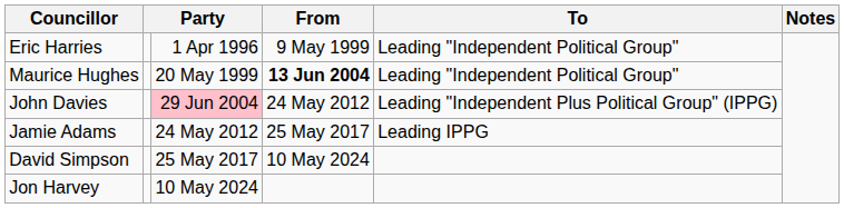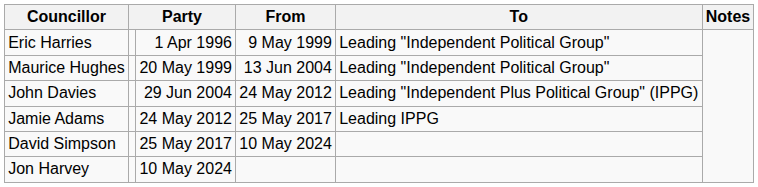 <table class=wikitable>
 <tr>
 <th>Councillor</th>
 <th colspan=2>Party</th>
 <th>From</th>
 <th>To</th>
 <th>Notes</th>
 </tr>
 <tr>
 <td>Eric Harries</td>
 <td></td>
 <td align=right>1 Apr 1996</td>
 <td align=right>9 May 1999</td>
 <td>Leading "Independent Political Group"</td>
 </tr>
 <tr>
 <td>Maurice Hughes</td>
 <td></td>
 <td align=right>20 May 1999</td>
-<td align=right><strong>13 Jun 2004</strong></td>
+<td align=right>13 Jun 2004</td>
 <td>Leading "Independent Political Group"</td>
 </tr>
 <tr>
 <td>John Davies</td>
 <td></td>
-<td align=right style="background: pink;">29 Jun 2004</td>
+<td align=right>29 Jun 2004</td>
 <td align=right>24 May 2012</td>
 <td>Leading "Independent Plus Political Group" (IPPG)</td>
 </tr>
 <tr>
 <td>Jamie Adams</td>
 <td></td>
 <td align=right>24 May 2012</td>
 <td align=right>25 May 2017</td>
 <td>Leading IPPG</td>
 </tr>
 <tr>
 <td>David Simpson</td>
 <td></td>
 <td align=right>25 May 2017</td>
 <td align=right>10 May 2024</td>
 <td></td>
 </tr>
 <tr>
 <td>Jon Harvey</td>
 <td></td>
 <td align=right>10 May 2024</td>
 <td align=right></td>
 <td></td>
 </tr>
 </table>
